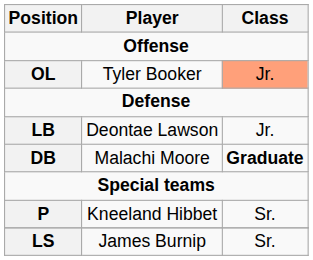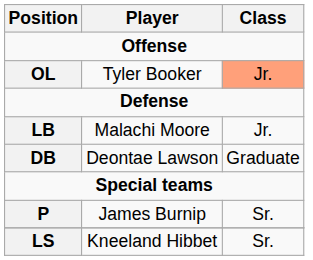 <table class="wikitable">
 <tr>
 <th>Position</th>
 <th>Player</th>
 <th>Class</th>
 </tr>
 <tr>
 <td colspan="4" style="text-align:center; "><strong>Offense</strong></td>
 </tr>
 <tr style="text-align:center;">
 <th rowspan="1">OL</th>
 <td>Tyler Booker</td>
 <td style="background: lightsalmon;">Jr.</td>
 </tr>
 <tr>
 <td colspan="4" style="text-align:center; "><strong>Defense</strong></td>
 </tr>
 <tr style="text-align:center;">
 <th rowspan="1">LB</th>
-<td>Deontae Lawson</td>
+<td>Malachi Moore</td>
 <td>Jr.</td>
 </tr>
 <tr style="text-align:center;">
 <th rowspan="1">DB</th>
-<td>Malachi Moore</td>
-<td><strong>Graduate</strong></td>
+<td>Deontae Lawson</td>
+<td>Graduate</td>
 </tr>
 <tr>
 <td colspan="4" style="text-align:center; "><strong>Special teams</strong></td>
 </tr>
 <tr style="text-align:center;">
 <th rowspan="1">P</th>
-<td>Kneeland Hibbet</td>
+<td>James Burnip</td>
 <td>Sr.</td>
 </tr>
 <tr>
 </tr>
 <tr style="text-align:center;">
 <th rowspan="1">LS</th>
-<td>James Burnip</td>
+<td>Kneeland Hibbet</td>
 <td>Sr.</td>
 </tr>
 </table>
